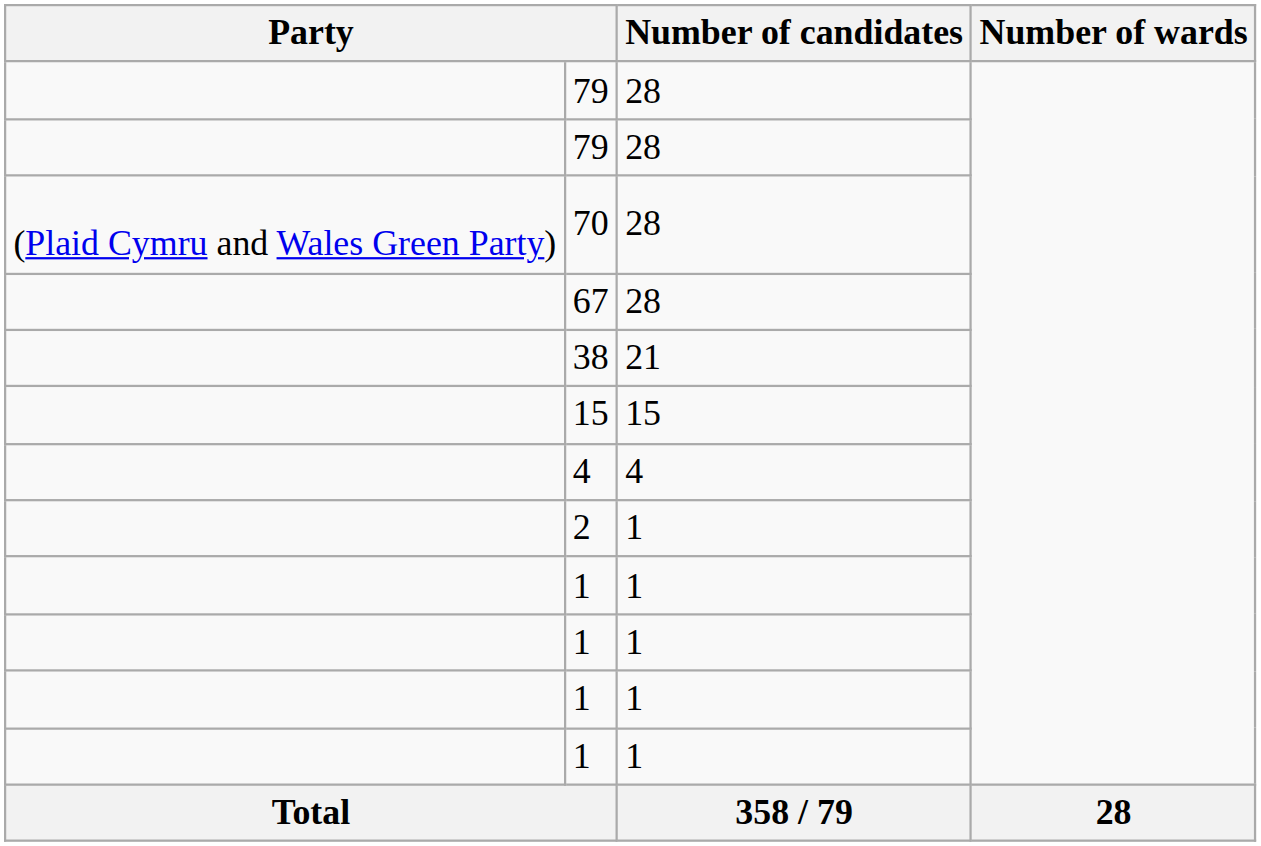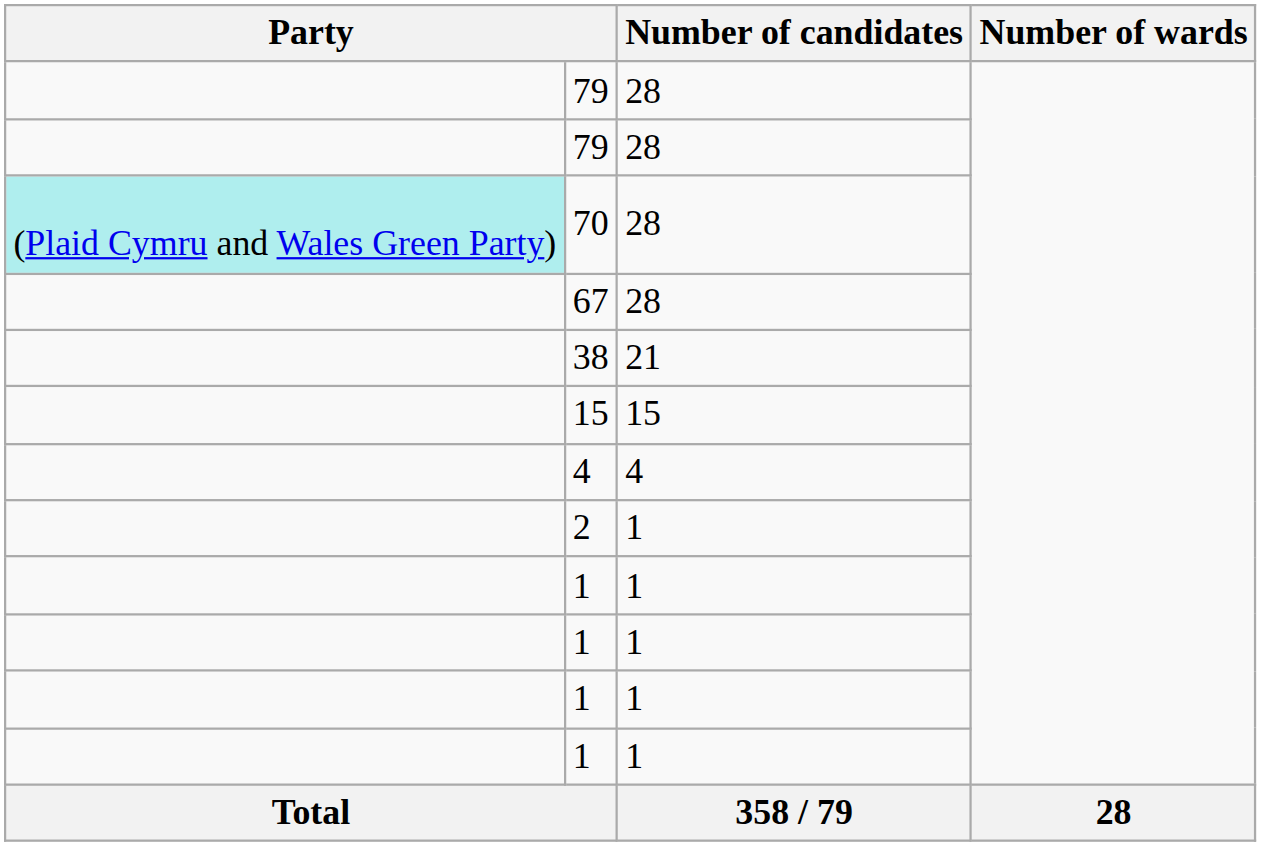 <table class="wikitable">
 <tr>
 <th colspan=2>Party</th>
 <th>Number of candidates</th>
 <th>Number of wards</th>
 </tr>
 <tr>
 <td></td>
 <td>79</td>
 <td>28</td>
 </tr>
 <tr>
 <td></td>
 <td>79</td>
 <td>28</td>
 </tr>
 <tr>
-<td><br>(<a href='#'>Plaid Cymru</a> and <a href='#'>Wales Green Party</a>)</td>
+<td style="background: paleturquoise;"><br>(<a href='#'>Plaid Cymru</a> and <a href='#'>Wales Green Party</a>)</td>
 <td>70</td>
 <td>28</td>
 </tr>
 <tr>
 <td></td>
 <td>67</td>
 <td>28</td>
 </tr>
 <tr>
 <td></td>
 <td>38</td>
 <td>21</td>
 </tr>
 <tr>
 <td></td>
 <td>15</td>
 <td>15</td>
 </tr>
 <tr>
 <td></td>
 <td>4</td>
 <td>4</td>
 </tr>
 <tr>
 <td></td>
 <td>2</td>
 <td>1</td>
 </tr>
 <tr>
 <td></td>
 <td>1</td>
 <td>1</td>
 </tr>
 <tr>
 <td></td>
 <td>1</td>
 <td>1</td>
 </tr>
 <tr>
 <td></td>
 <td>1</td>
 <td>1</td>
 </tr>
 <tr>
 <td></td>
 <td>1</td>
 <td>1</td>
 </tr>
 <tr>
 <th colspan =2>Total</th>
 <th>358 / 79</th>
 <th>28</th>
 </tr>
 </table>
